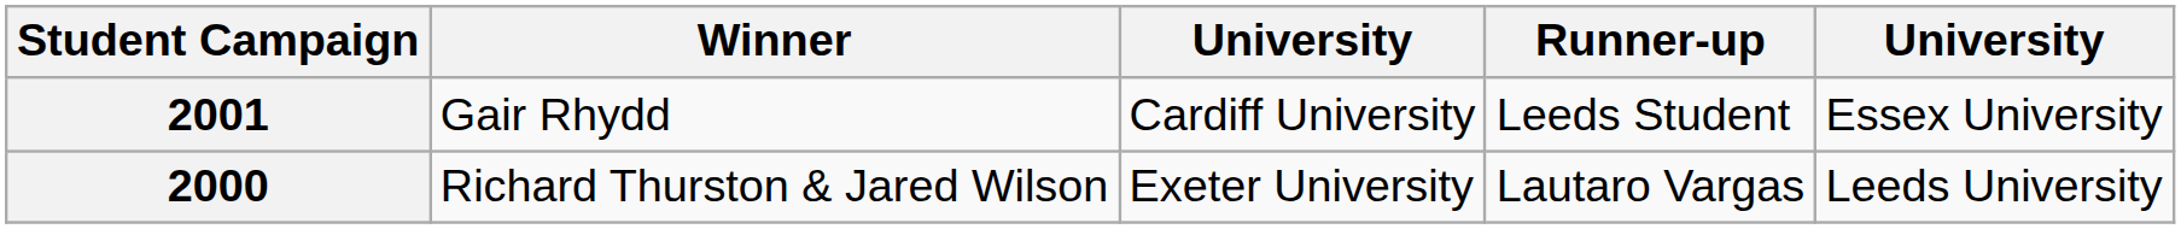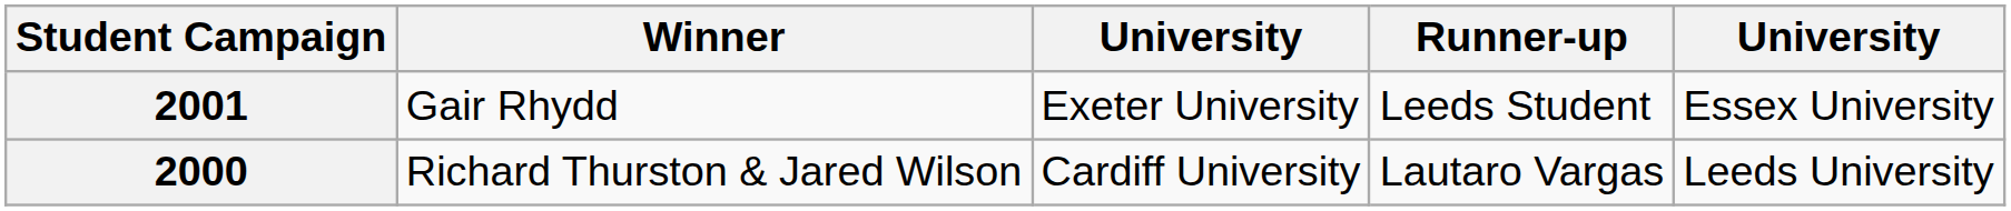 <table class="wikitable" style="font-align: center">
 <tr>
 <th>Student Campaign</th>
 <th>Winner</th>
 <th>University</th>
 <th>Runner-up</th>
 <th>University</th>
 </tr>
 <tr>
 <th>2001</th>
 <td>Gair Rhydd</td>
-<td>Cardiff University</td>
+<td>Exeter University</td>
 <td>Leeds Student</td>
 <td>Essex University</td>
 </tr>
 <tr>
 <th>2000</th>
 <td>Richard Thurston & Jared Wilson</td>
-<td>Exeter University</td>
+<td>Cardiff University</td>
 <td>Lautaro Vargas</td>
 <td>Leeds University</td>
 </tr>
 </table>
